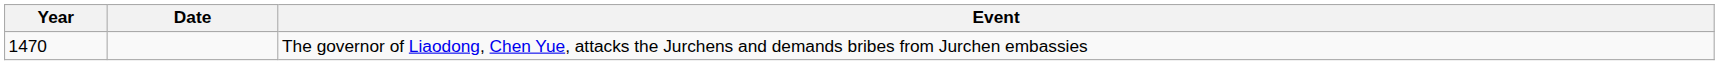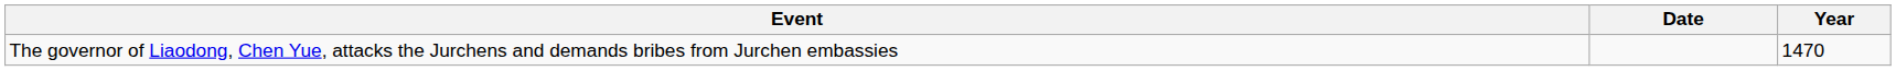 <table class="wikitable" width="100%">
 <tr>
+<th>Event</th>
+<th style="width:10%">Date</th>
 <th style="width:6%">Year</th>
-<th style="width:10%">Date</th>
-<th>Event</th>
 </tr>
 <tr>
+<td>The governor of <a href='#'>Liaodong</a>, <a href='#'>Chen Yue</a>, attacks the Jurchens and demands bribes from Jurchen embassies</td>
+<td></td>
 <td>1470</td>
-<td></td>
-<td>The governor of <a href='#'>Liaodong</a>, <a href='#'>Chen Yue</a>, attacks the Jurchens and demands bribes from Jurchen embassies</td>
 </tr>
 </table>
